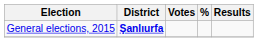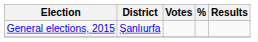 <table class="wikitable">
 <tr>
 <th>Election</th>
 <th>District</th>
 <th>Votes</th>
 <th>%</th>
 <th>Results</th>
 </tr>
 <tr>
 <td><a href='#'>General elections, 2015</a></td>
-<td><strong><a href='#'>Şanlıurfa</a></strong></td>
+<td><a href='#'>Şanlıurfa</a></td>
 <td></td>
 <td></td>
 <td></td>
 </tr>
 <tr>
 </tr>
 </table>
